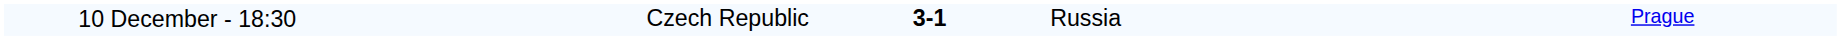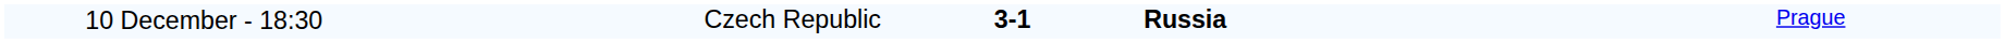 <table style="width: 100%; background:#F5FAFF;" cellspacing="0">
 <tr>
 <td align=center rowspan=3 width=20%>10 December - 18:30</td>
 </tr>
 <tr>
 <td width=24% align=right>Czech Republic </td>
 <td align=center width=13%><strong>3-1</strong></td>
-<td width=24%> Russia</td>
+<td width=24%><strong> Russia</strong></td>
 <td style=font-size:85% rowspan=3 valign=top align=center><a href='#'>Prague</a></td>
 </tr>
 <tr style=font-size:85%>
 <td align=right valign=top></td>
 <td></td>
 <td></td>
 </tr>
 </table>
